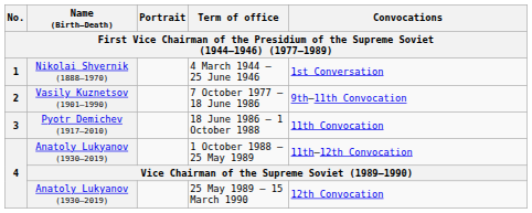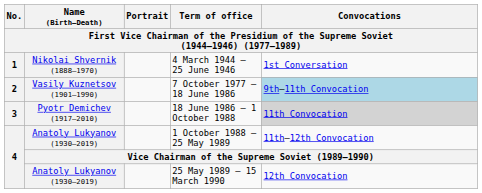 <table class="wikitable" width=80%>
 <tr>
 <th align="center" width="1%">No.<br></th>
 <th scope="col" style="width:11em;">Name<br><small>(Birth–Death)</small></th>
 <th scope="col" width="1%">Portrait</th>
 <th scope="col" style="width:10em;">Term of office</th>
 <th scope="col">Convocations<br></th>
 </tr>
 <tr>
 <th colspan="5" align="center">First Vice Chairman of the Presidium of the Supreme Soviet<br>(1944–1946) (1977–1989)</th>
 </tr>
 <tr>
 <th scope="row" style="font-weight:normal;"><strong>1</strong></th>
 <th scope="row" style="font-weight:normal;"><a href='#'>Nikolai Shvernik</a><br><small>(1888–1970)</small></th>
 <td></td>
 <td>4 March 1944 – 25 June 1946</td>
 <td><a href='#'>1st Conversation</a></td>
 </tr>
 <tr>
 <th scope="row" style="font-weight:normal;"><strong>2</strong></th>
 <th scope="row" style="font-weight:normal;"><a href='#'>Vasily Kuznetsov</a><br><small>(1901–1990)</small></th>
 <td></td>
 <td>7 October 1977 – 18 June 1986</td>
-<td><a href='#'>9th</a>–<a href='#'>11th Convocation</a></td>
+<td style="background: lightblue;"><a href='#'>9th</a>–<a href='#'>11th Convocation</a></td>
 </tr>
 <tr>
 <th scope="row" style="font-weight:normal;"><strong>3</strong></th>
 <th rowspan="1" style="font-weight:normal;"><a href='#'>Pyotr Demichev</a><br><small>(1917–2010)</small></th>
 <td></td>
 <td>18 June 1986 – 1 October 1988</td>
-<td><a href='#'>11th Convocation</a></td>
+<td style="background: lightgrey;"><a href='#'>11th Convocation</a></td>
 </tr>
 <tr>
 <th scope="row" style="font-weight:normal;" rowspan="3"><strong>4</strong></th>
 <th rowspan="1" style="font-weight:normal;"><a href='#'>Anatoly Lukyanov</a><br><small>(1930–2019)</small></th>
 <td></td>
 <td>1 October 1988 – 25 May 1989</td>
 <td><a href='#'>11th</a>–<a href='#'>12th Convocation</a></td>
 </tr>
 <tr>
 <th colspan="4" align="center">Vice Chairman of the Supreme Soviet (1989–1990)</th>
 </tr>
 <tr>
 <th rowspan="1" style="font-weight:normal;"><a href='#'>Anatoly Lukyanov</a><br><small>(1930–2019)</small></th>
 <td rowspan="1"></td>
 <td rowspan="1">25 May 1989 – 15 March 1990</td>
 <td rowspan="1"><a href='#'>12th Convocation</a></td>
 </tr>
 </table>
